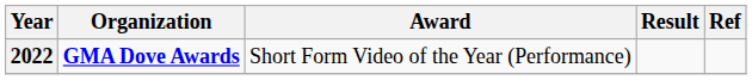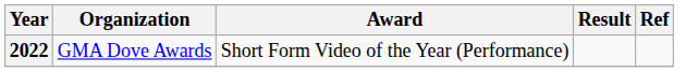 <table class="wikitable plainrowheaders">
 <tr>
 <th>Year</th>
 <th>Organization</th>
 <th>Award</th>
 <th>Result</th>
 <th>Ref</th>
 </tr>
 <tr>
 <th scope="row">2022</th>
-<td><strong><a href='#'>GMA Dove Awards</a></strong></td>
+<td><a href='#'>GMA Dove Awards</a></td>
 <td>Short Form Video of the Year (Performance)</td>
 <td></td>
 <td></td>
 </tr>
 <tr>
 </tr>
 </table>
